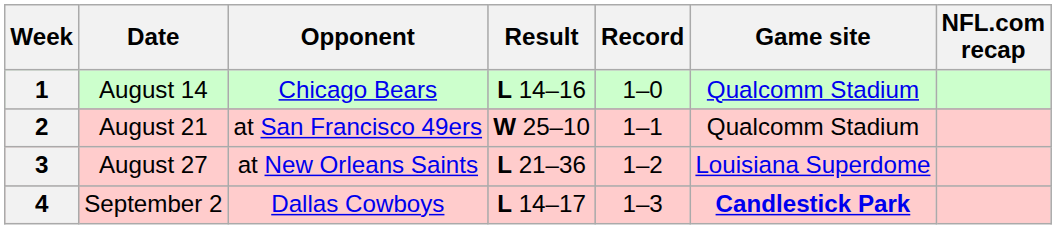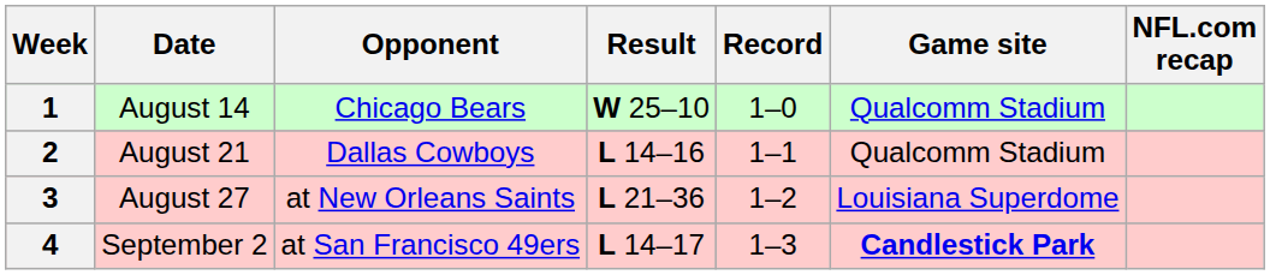 <table class="wikitable" style="text-align:center">
 <tr>
 <th>Week</th>
 <th>Date</th>
 <th>Opponent</th>
 <th>Result</th>
 <th>Record</th>
 <th>Game site</th>
 <th>NFL.com<br>recap</th>
 </tr>
 <tr style="background:#cfc;">
 <th>1</th>
 <td style="text-align:center;">August 14</td>
 <td style="text-align:center;"><a href='#'>Chicago Bears</a></td>
-<td style="text-align:center;"><strong>L</strong> 14–16</td>
+<td style="text-align:center;"><strong>W</strong> 25–10</td>
 <td style="text-align:center;">1–0</td>
 <td style="text-align:center;"><a href='#'>Qualcomm Stadium</a></td>
 <td style="text-align:center;"></td>
 </tr>
 <tr style="background:#fcc;">
 <th>2</th>
 <td style="text-align:center;">August 21</td>
-<td style="text-align:center;">at <a href='#'>San Francisco 49ers</a></td>
-<td style="text-align:center;"><strong>W</strong> 25–10</td>
+<td style="text-align:center;"><a href='#'>Dallas Cowboys</a></td>
+<td style="text-align:center;"><strong>L</strong> 14–16</td>
 <td style="text-align:center;">1–1</td>
 <td style="text-align:center;">Qualcomm Stadium</td>
 <td style="text-align:center;"></td>
 </tr>
 <tr style="background:#fcc;">
 <th>3</th>
 <td style="text-align:center;">August 27</td>
 <td style="text-align:center;">at <a href='#'>New Orleans Saints</a></td>
 <td style="text-align:center;"><strong>L</strong> 21–36</td>
 <td style="text-align:center;">1–2</td>
 <td style="text-align:center;"><a href='#'>Louisiana Superdome</a></td>
 <td style="text-align:center;"></td>
 </tr>
 <tr style="background:#fcc;">
 <th>4</th>
 <td style="text-align:center;">September 2</td>
-<td style="text-align:center;"><a href='#'>Dallas Cowboys</a></td>
+<td style="text-align:center;">at <a href='#'>San Francisco 49ers</a></td>
 <td style="text-align:center;"><strong>L</strong> 14–17</td>
 <td style="text-align:center;">1–3</td>
 <td style="text-align:center;"><strong><a href='#'>Candlestick Park</a></strong></td>
 <td style="text-align:center;"></td>
 </tr>
 </table>
